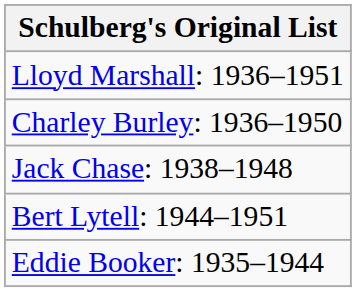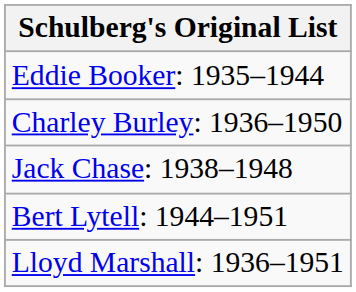 <table class="wikitable">
 <tr>
 <th>Schulberg's Original List</th>
 </tr>
 <tr>
-<td><a href='#'>Lloyd Marshall</a>: 1936–1951</td>
+<td><a href='#'>Eddie Booker</a>: 1935–1944</td>
 </tr>
 <tr>
 <td><a href='#'>Charley Burley</a>: 1936–1950</td>
 </tr>
 <tr>
 <td><a href='#'>Jack Chase</a>: 1938–1948</td>
 </tr>
 <tr>
 <td><a href='#'>Bert Lytell</a>: 1944–1951</td>
 </tr>
 <tr>
-<td><a href='#'>Eddie Booker</a>: 1935–1944</td>
+<td><a href='#'>Lloyd Marshall</a>: 1936–1951</td>
 </tr>
 </table>
